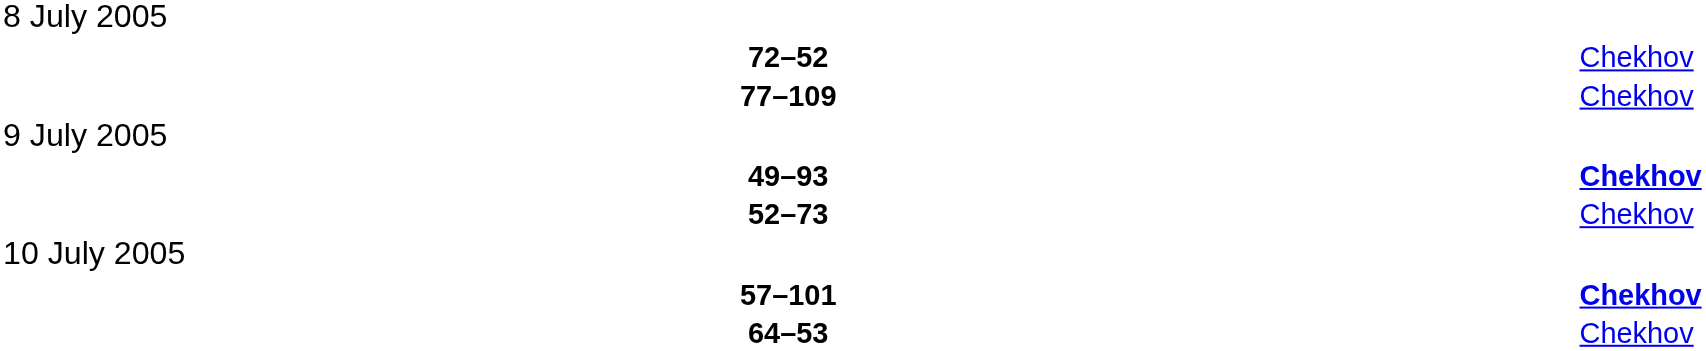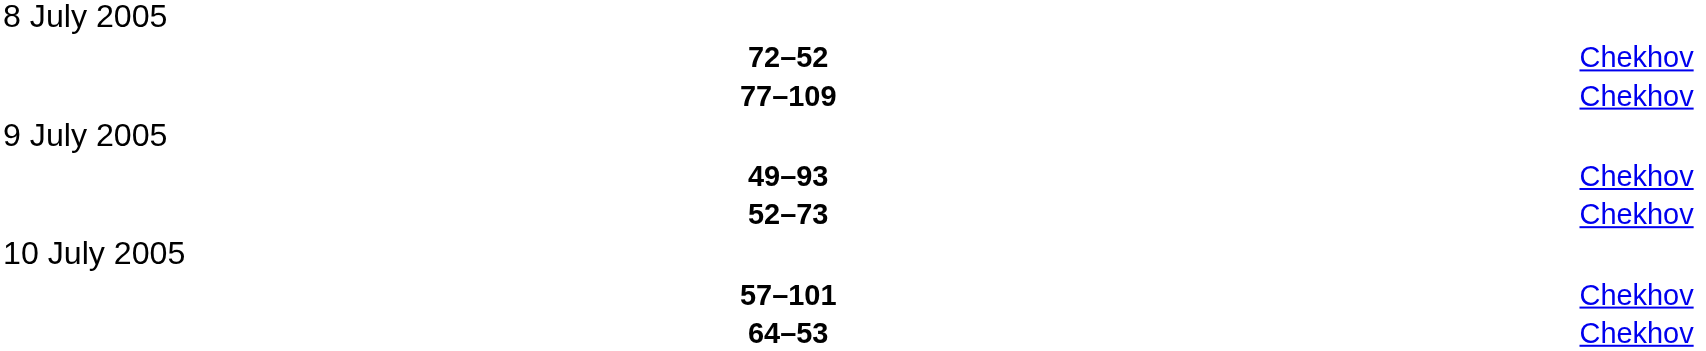 <table style="width:100%;" cellspacing="1">
 <tr>
 <th width=25%></th>
 <th width=3%></th>
 <th width=6%></th>
 <th width=3%></th>
 <th width=25%></th>
 </tr>
 <tr>
 <td>8 July 2005</td>
 </tr>
 <tr style=font-size:90%>
 <td align=right><strong></strong></td>
 <td></td>
 <td align=center><strong>72–52</strong></td>
 <td></td>
 <td><strong></strong></td>
 <td><a href='#'>Chekhov</a></td>
 </tr>
 <tr style=font-size:90%>
 <td align=right><strong></strong></td>
 <td></td>
 <td align=center><strong>77–109</strong></td>
 <td></td>
 <td><strong></strong></td>
 <td><a href='#'>Chekhov</a></td>
 </tr>
 <tr>
 <td>9 July 2005</td>
 </tr>
 <tr style=font-size:90%>
 <td align=right><strong></strong></td>
 <td></td>
 <td align=center><strong>49–93</strong></td>
 <td></td>
 <td><strong></strong></td>
-<td><strong><a href='#'>Chekhov</a></strong></td>
+<td><a href='#'>Chekhov</a></td>
 </tr>
 <tr style=font-size:90%>
 <td align=right><strong></strong></td>
 <td></td>
 <td align=center><strong>52–73</strong></td>
 <td></td>
 <td><strong></strong></td>
 <td><a href='#'>Chekhov</a></td>
 </tr>
 <tr>
 <td>10 July 2005</td>
 </tr>
 <tr style=font-size:90%>
 <td align=right><strong></strong></td>
 <td></td>
 <td align=center><strong>57–101</strong></td>
 <td></td>
 <td><strong></strong></td>
-<td><strong><a href='#'>Chekhov</a></strong></td>
+<td><a href='#'>Chekhov</a></td>
 </tr>
 <tr style=font-size:90%>
 <td align=right><strong></strong></td>
 <td></td>
 <td align=center><strong>64–53</strong></td>
 <td></td>
 <td><strong></strong></td>
 <td><a href='#'>Chekhov</a></td>
 </tr>
 </table>
